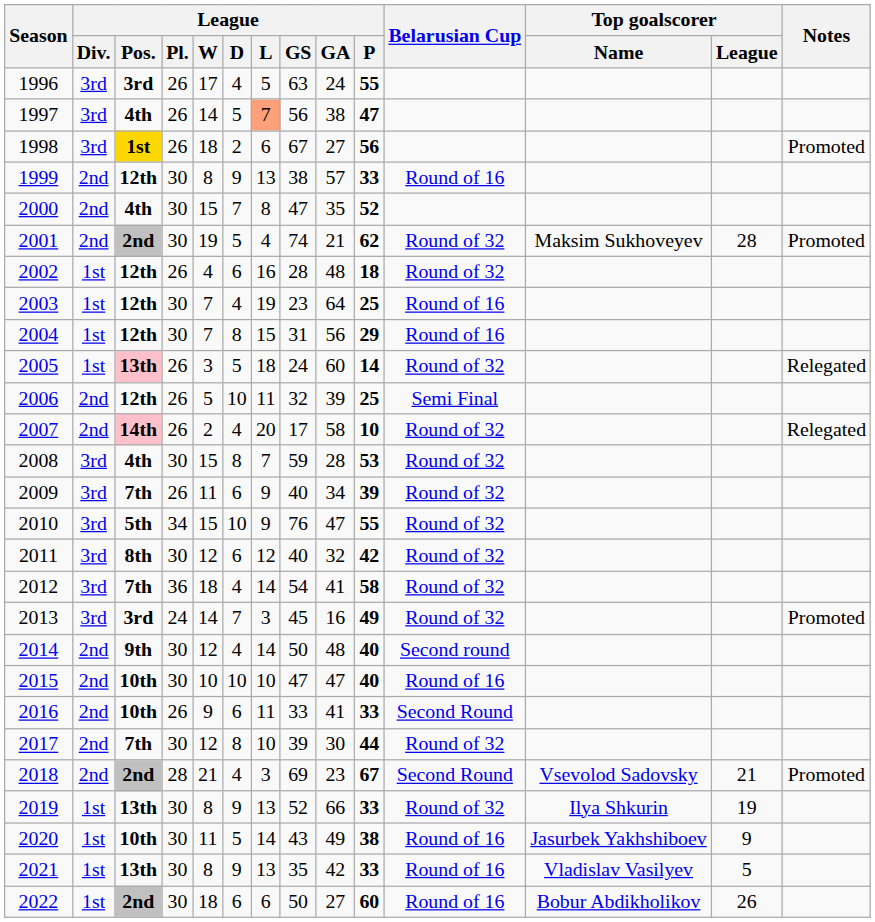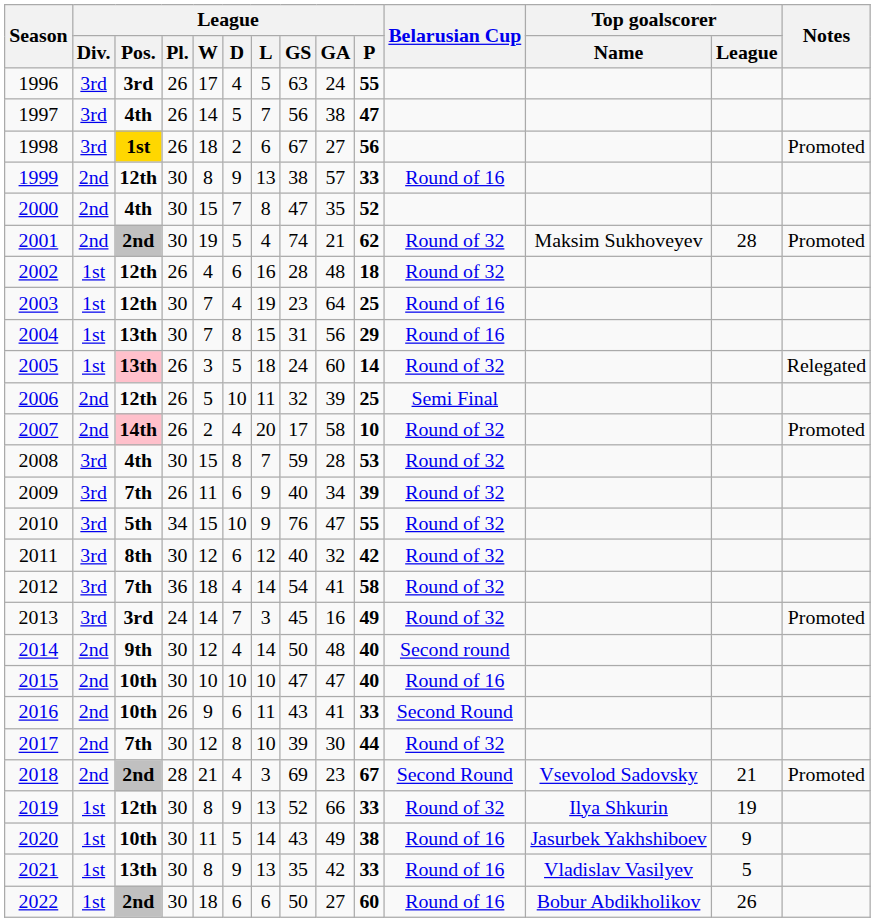 <table class="wikitable">
 <tr style="background:#efefef;">
 <th rowspan="2">Season</th>
 <th colspan="9">League</th>
 <th rowspan="2"><a href='#'>Belarusian Cup</a></th>
 <th colspan="2">Top goalscorer</th>
 <th rowspan="2">Notes</th>
 </tr>
 <tr>
 <th>Div.</th>
 <th>Pos.</th>
 <th>Pl.</th>
 <th>W</th>
 <th>D</th>
 <th>L</th>
 <th>GS</th>
 <th>GA</th>
 <th>P</th>
 <th>Name</th>
 <th>League</th>
 </tr>
 <tr>
 <td align=center>1996</td>
 <td align=center><a href='#'>3rd</a></td>
 <td align=center><strong>3rd</strong></td>
 <td align=center>26</td>
 <td align=center>17</td>
 <td align=center>4</td>
 <td align=center>5</td>
 <td align=center>63</td>
 <td align=center>24</td>
 <td align=center><strong>55</strong></td>
 <td style="text-align:center"></td>
 <td align=center></td>
 <td align=center></td>
 <td align=center></td>
 </tr>
 <tr>
 <td align=center>1997</td>
 <td align=center><a href='#'>3rd</a></td>
 <td align=center><strong>4th</strong></td>
 <td align=center>26</td>
 <td align=center>14</td>
 <td align=center>5</td>
-<td align=center style="background: lightsalmon;">7</td>
+<td align=center>7</td>
 <td align=center>56</td>
 <td align=center>38</td>
 <td align=center><strong>47</strong></td>
 <td style="text-align:center"></td>
 <td align=center></td>
 <td align=center></td>
 <td align=center></td>
 </tr>
 <tr>
 <td align=center>1998</td>
 <td align=center><a href='#'>3rd</a></td>
 <td style="text-align:center; background:gold;"><strong>1st</strong></td>
 <td align=center>26</td>
 <td align=center>18</td>
 <td align=center>2</td>
 <td align=center>6</td>
 <td align=center>67</td>
 <td align=center>27</td>
 <td align=center><strong>56</strong></td>
 <td style="text-align:center"></td>
 <td align=center></td>
 <td align=center></td>
 <td align=center>Promoted</td>
 </tr>
 <tr>
 <td align=center><a href='#'>1999</a></td>
 <td align=center><a href='#'>2nd</a></td>
 <td align=center><strong>12th</strong></td>
 <td align=center>30</td>
 <td align=center>8</td>
 <td align=center>9</td>
 <td align=center>13</td>
 <td align=center>38</td>
 <td align=center>57</td>
 <td align=center><strong>33</strong></td>
 <td style="text-align:center"><a href='#'>Round of 16</a></td>
 <td align=center></td>
 <td align=center></td>
 <td align=center></td>
 </tr>
 <tr>
 <td align=center><a href='#'>2000</a></td>
 <td align=center><a href='#'>2nd</a></td>
 <td align=center><strong>4th</strong></td>
 <td align=center>30</td>
 <td align=center>15</td>
 <td align=center>7</td>
 <td align=center>8</td>
 <td align=center>47</td>
 <td align=center>35</td>
 <td align=center><strong>52</strong></td>
 <td style="text-align:center"></td>
 <td align=center></td>
 <td align=center></td>
 <td align=center></td>
 </tr>
 <tr>
 <td align=center><a href='#'>2001</a></td>
 <td align=center><a href='#'>2nd</a></td>
 <td style="text-align:center; background:silver;"><strong>2nd</strong></td>
 <td align=center>30</td>
 <td align=center>19</td>
 <td align=center>5</td>
 <td align=center>4</td>
 <td align=center>74</td>
 <td align=center>21</td>
 <td align=center><strong>62</strong></td>
 <td style="text-align:center"><a href='#'>Round of 32</a></td>
 <td align=center> Maksim Sukhoveyev</td>
 <td align=center>28</td>
 <td align=center>Promoted</td>
 </tr>
 <tr>
 <td align=center><a href='#'>2002</a></td>
 <td align=center><a href='#'>1st</a></td>
 <td align=center><strong>12th</strong></td>
 <td align=center>26</td>
 <td align=center>4</td>
 <td align=center>6</td>
 <td align=center>16</td>
 <td align=center>28</td>
 <td align=center>48</td>
 <td align=center><strong>18</strong></td>
 <td style="text-align:center"><a href='#'>Round of 32</a></td>
 <td align=center></td>
 <td align=center></td>
 <td align=center></td>
 </tr>
 <tr>
 <td align=center><a href='#'>2003</a></td>
 <td align=center><a href='#'>1st</a></td>
 <td align=center><strong>12th</strong></td>
 <td align=center>30</td>
 <td align=center>7</td>
 <td align=center>4</td>
 <td align=center>19</td>
 <td align=center>23</td>
 <td align=center>64</td>
 <td align=center><strong>25</strong></td>
 <td style="text-align:center"><a href='#'>Round of 16</a></td>
 <td align=center></td>
 <td align=center></td>
 <td align=center></td>
 </tr>
 <tr>
 <td align=center><a href='#'>2004</a></td>
 <td align=center><a href='#'>1st</a></td>
-<td align=center><strong>12th</strong></td>
+<td align=center><strong>13th</strong></td>
 <td align=center>30</td>
 <td align=center>7</td>
 <td align=center>8</td>
 <td align=center>15</td>
 <td align=center>31</td>
 <td align=center>56</td>
 <td align=center><strong>29</strong></td>
 <td style="text-align:center"><a href='#'>Round of 16</a></td>
 <td align=center></td>
 <td align=center></td>
 <td align=center></td>
 </tr>
 <tr>
 <td align=center><a href='#'>2005</a></td>
 <td align=center><a href='#'>1st</a></td>
 <td style="text-align:center; background:pink;"><strong>13th</strong></td>
 <td align=center>26</td>
 <td align=center>3</td>
 <td align=center>5</td>
 <td align=center>18</td>
 <td align=center>24</td>
 <td align=center>60</td>
 <td align=center><strong>14</strong></td>
 <td style="text-align:center"><a href='#'>Round of 32</a></td>
 <td align=center></td>
 <td align=center></td>
 <td align=center>Relegated</td>
 </tr>
 <tr>
 <td align=center><a href='#'>2006</a></td>
 <td align=center><a href='#'>2nd</a></td>
 <td align=center><strong>12th</strong></td>
 <td align=center>26</td>
 <td align=center>5</td>
 <td align=center>10</td>
 <td align=center>11</td>
 <td align=center>32</td>
 <td align=center>39</td>
 <td align=center><strong>25</strong></td>
 <td style="text-align:center"><a href='#'>Semi Final</a></td>
 <td align=center></td>
 <td align=center></td>
 <td align=center></td>
 </tr>
 <tr>
 <td align=center><a href='#'>2007</a></td>
 <td align=center><a href='#'>2nd</a></td>
 <td style="text-align:center; background:pink;"><strong>14th</strong></td>
 <td align=center>26</td>
 <td align=center>2</td>
 <td align=center>4</td>
 <td align=center>20</td>
 <td align=center>17</td>
 <td align=center>58</td>
 <td align=center><strong>10</strong></td>
 <td style="text-align:center"><a href='#'>Round of 32</a></td>
 <td align=center></td>
 <td align=center></td>
-<td align=center>Relegated</td>
+<td align=center>Promoted</td>
 </tr>
 <tr>
 <td align=center>2008</td>
 <td align=center><a href='#'>3rd</a></td>
 <td align=center><strong>4th</strong></td>
 <td align=center>30</td>
 <td align=center>15</td>
 <td align=center>8</td>
 <td align=center>7</td>
 <td align=center>59</td>
 <td align=center>28</td>
 <td align=center><strong>53</strong></td>
 <td style="text-align:center"><a href='#'>Round of 32</a></td>
 <td align=center></td>
 <td align=center></td>
 <td align=center></td>
 </tr>
 <tr>
 <td align=center>2009</td>
 <td align=center><a href='#'>3rd</a></td>
 <td align=center><strong>7th</strong></td>
 <td align=center>26</td>
 <td align=center>11</td>
 <td align=center>6</td>
 <td align=center>9</td>
 <td align=center>40</td>
 <td align=center>34</td>
 <td align=center><strong>39</strong></td>
 <td style="text-align:center"><a href='#'>Round of 32</a></td>
 <td align=center></td>
 <td align=center></td>
 <td align=center></td>
 </tr>
 <tr>
 <td align=center>2010</td>
 <td align=center><a href='#'>3rd</a></td>
 <td align=center><strong>5th</strong></td>
 <td align=center>34</td>
 <td align=center>15</td>
 <td align=center>10</td>
 <td align=center>9</td>
 <td align=center>76</td>
 <td align=center>47</td>
 <td align=center><strong>55</strong></td>
 <td style="text-align:center"><a href='#'>Round of 32</a></td>
 <td align=center></td>
 <td align=center></td>
 <td align=center></td>
 </tr>
 <tr>
 <td align=center>2011</td>
 <td align=center><a href='#'>3rd</a></td>
 <td align=center><strong>8th</strong></td>
 <td align=center>30</td>
 <td align=center>12</td>
 <td align=center>6</td>
 <td align=center>12</td>
 <td align=center>40</td>
 <td align=center>32</td>
 <td align=center><strong>42</strong></td>
 <td style="text-align:center"><a href='#'>Round of 32</a></td>
 <td align=center></td>
 <td align=center></td>
 <td align=center></td>
 </tr>
 <tr>
 <td align=center>2012</td>
 <td align=center><a href='#'>3rd</a></td>
 <td align=center><strong>7th</strong></td>
 <td align=center>36</td>
 <td align=center>18</td>
 <td align=center>4</td>
 <td align=center>14</td>
 <td align=center>54</td>
 <td align=center>41</td>
 <td align=center><strong>58</strong></td>
 <td style="text-align:center"><a href='#'>Round of 32</a></td>
 <td align=center></td>
 <td align=center></td>
 <td align=center></td>
 </tr>
 <tr>
 <td align=center>2013</td>
 <td align=center><a href='#'>3rd</a></td>
 <td style="text-align:center; background:bronze;"><strong>3rd</strong></td>
 <td align=center>24</td>
 <td align=center>14</td>
 <td align=center>7</td>
 <td align=center>3</td>
 <td align=center>45</td>
 <td align=center>16</td>
 <td align=center><strong>49</strong></td>
 <td style="text-align:center"><a href='#'>Round of 32</a></td>
 <td align=center></td>
 <td align=center></td>
 <td align=center>Promoted</td>
 </tr>
 <tr>
 <td align=center><a href='#'>2014</a></td>
 <td align=center><a href='#'>2nd</a></td>
 <td align=center><strong>9th</strong></td>
 <td align=center>30</td>
 <td align=center>12</td>
 <td align=center>4</td>
 <td align=center>14</td>
 <td align=center>50</td>
 <td align=center>48</td>
 <td align=center><strong>40</strong></td>
 <td style="text-align:center"><a href='#'>Second round</a></td>
 <td align=center></td>
 <td align=center></td>
 <td align=center></td>
 </tr>
 <tr>
 <td align=center><a href='#'>2015</a></td>
 <td align=center><a href='#'>2nd</a></td>
 <td align=center><strong>10th</strong></td>
 <td align=center>30</td>
 <td align=center>10</td>
 <td align=center>10</td>
 <td align=center>10</td>
 <td align=center>47</td>
 <td align=center>47</td>
 <td align=center><strong>40</strong></td>
 <td style="text-align:center"><a href='#'>Round of 16</a></td>
 <td align=center></td>
 <td align=center></td>
 <td align=center></td>
 </tr>
 <tr>
 <td align=center><a href='#'>2016</a></td>
 <td align=center><a href='#'>2nd</a></td>
 <td align=center><strong>10th</strong></td>
 <td align=center>26</td>
 <td align=center>9</td>
 <td align=center>6</td>
 <td align=center>11</td>
-<td align=center>33</td>
+<td align=center>43</td>
 <td align=center>41</td>
 <td align=center><strong>33</strong></td>
 <td style="text-align:center"><a href='#'>Second Round</a></td>
 <td align=center></td>
 <td align=center></td>
 <td align=center></td>
 </tr>
 <tr>
 <td align=center><a href='#'>2017</a></td>
 <td align=center><a href='#'>2nd</a></td>
 <td align=center><strong>7th</strong></td>
 <td align=center>30</td>
 <td align=center>12</td>
 <td align=center>8</td>
 <td align=center>10</td>
 <td align=center>39</td>
 <td align=center>30</td>
 <td align=center><strong>44</strong></td>
 <td style="text-align:center"><a href='#'>Round of 32</a></td>
 <td align=center></td>
 <td align=center></td>
 <td align=center></td>
 </tr>
 <tr>
 <td align=center><a href='#'>2018</a></td>
 <td align=center><a href='#'>2nd</a></td>
 <td style="text-align:center; background:silver;"><strong>2nd</strong></td>
 <td align=center>28</td>
 <td align=center>21</td>
 <td align=center>4</td>
 <td align=center>3</td>
 <td align=center>69</td>
 <td align=center>23</td>
 <td align=center><strong>67</strong></td>
 <td style="text-align:center"><a href='#'>Second Round</a></td>
 <td align=center> <a href='#'>Vsevolod Sadovsky</a></td>
 <td align=center>21</td>
 <td align=center>Promoted</td>
 </tr>
 <tr>
 <td align=center><a href='#'>2019</a></td>
 <td align=center><a href='#'>1st</a></td>
-<td align=center><strong>13th</strong></td>
+<td align=center><strong>12th</strong></td>
 <td align=center>30</td>
 <td align=center>8</td>
 <td align=center>9</td>
 <td align=center>13</td>
 <td align=center>52</td>
 <td align=center>66</td>
 <td align=center><strong>33</strong></td>
 <td style="text-align:center"><a href='#'>Round of 32</a></td>
 <td align=center> <a href='#'>Ilya Shkurin</a></td>
 <td align=center>19</td>
 <td align=center></td>
 </tr>
 <tr>
 <td align=center><a href='#'>2020</a></td>
 <td align=center><a href='#'>1st</a></td>
 <td align=center><strong>10th</strong></td>
 <td align=center>30</td>
 <td align=center>11</td>
 <td align=center>5</td>
 <td align=center>14</td>
 <td align=center>43</td>
 <td align=center>49</td>
 <td align=center><strong>38</strong></td>
 <td style="text-align:center"><a href='#'>Round of 16</a></td>
 <td align=center> <a href='#'>Jasurbek Yakhshiboev</a></td>
 <td align=center>9</td>
 <td align=center></td>
 </tr>
 <tr>
 <td align=center><a href='#'>2021</a></td>
 <td align=center><a href='#'>1st</a></td>
 <td align=center><strong>13th</strong></td>
 <td align=center>30</td>
 <td align=center>8</td>
 <td align=center>9</td>
 <td align=center>13</td>
 <td align=center>35</td>
 <td align=center>42</td>
 <td align=center><strong>33</strong></td>
 <td style="text-align:center"><a href='#'>Round of 16</a></td>
 <td align=center> <a href='#'>Vladislav Vasilyev</a></td>
 <td align=center>5</td>
 <td align=center></td>
 </tr>
 <tr>
 <td align=center><a href='#'>2022</a></td>
 <td align=center><a href='#'>1st</a></td>
 <td style="text-align:center; background:silver;"><strong>2nd</strong></td>
 <td align=center>30</td>
 <td align=center>18</td>
 <td align=center>6</td>
 <td align=center>6</td>
 <td align=center>50</td>
 <td align=center>27</td>
 <td align=center><strong>60</strong></td>
 <td style="text-align:center"><a href='#'>Round of 16</a></td>
 <td align=center> <a href='#'>Bobur Abdikholikov</a></td>
 <td align=center>26</td>
 <td align=center></td>
 </tr>
 </table>
